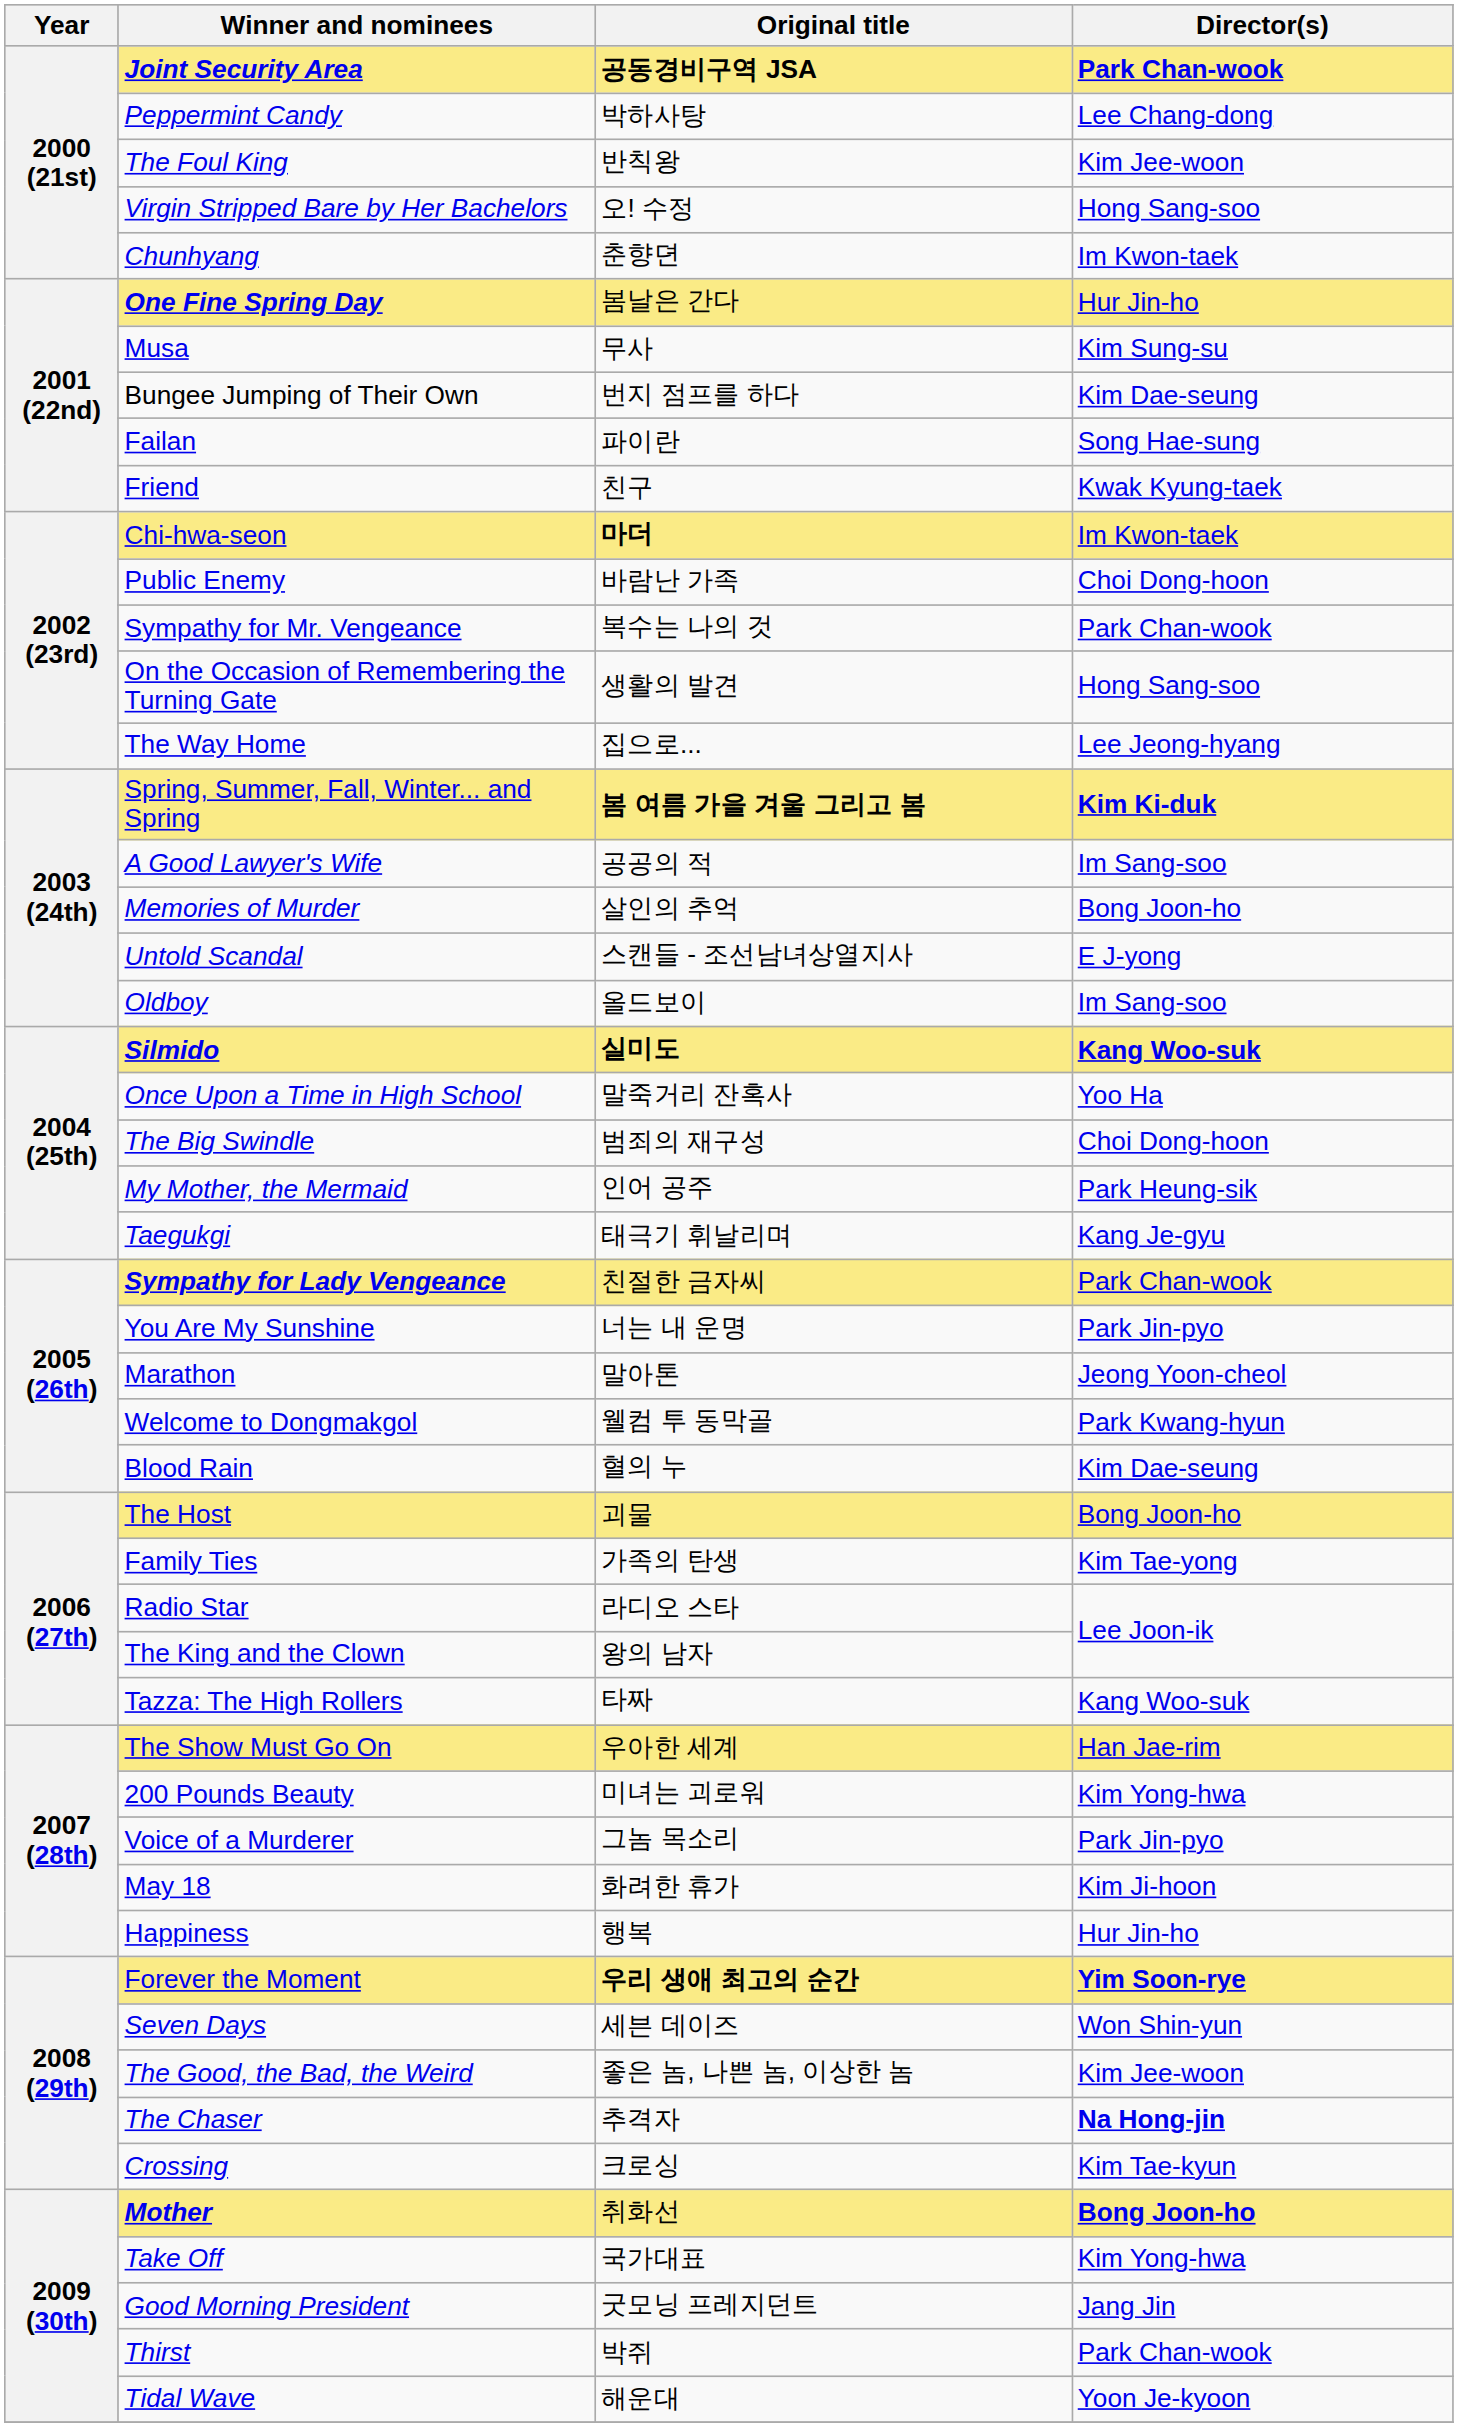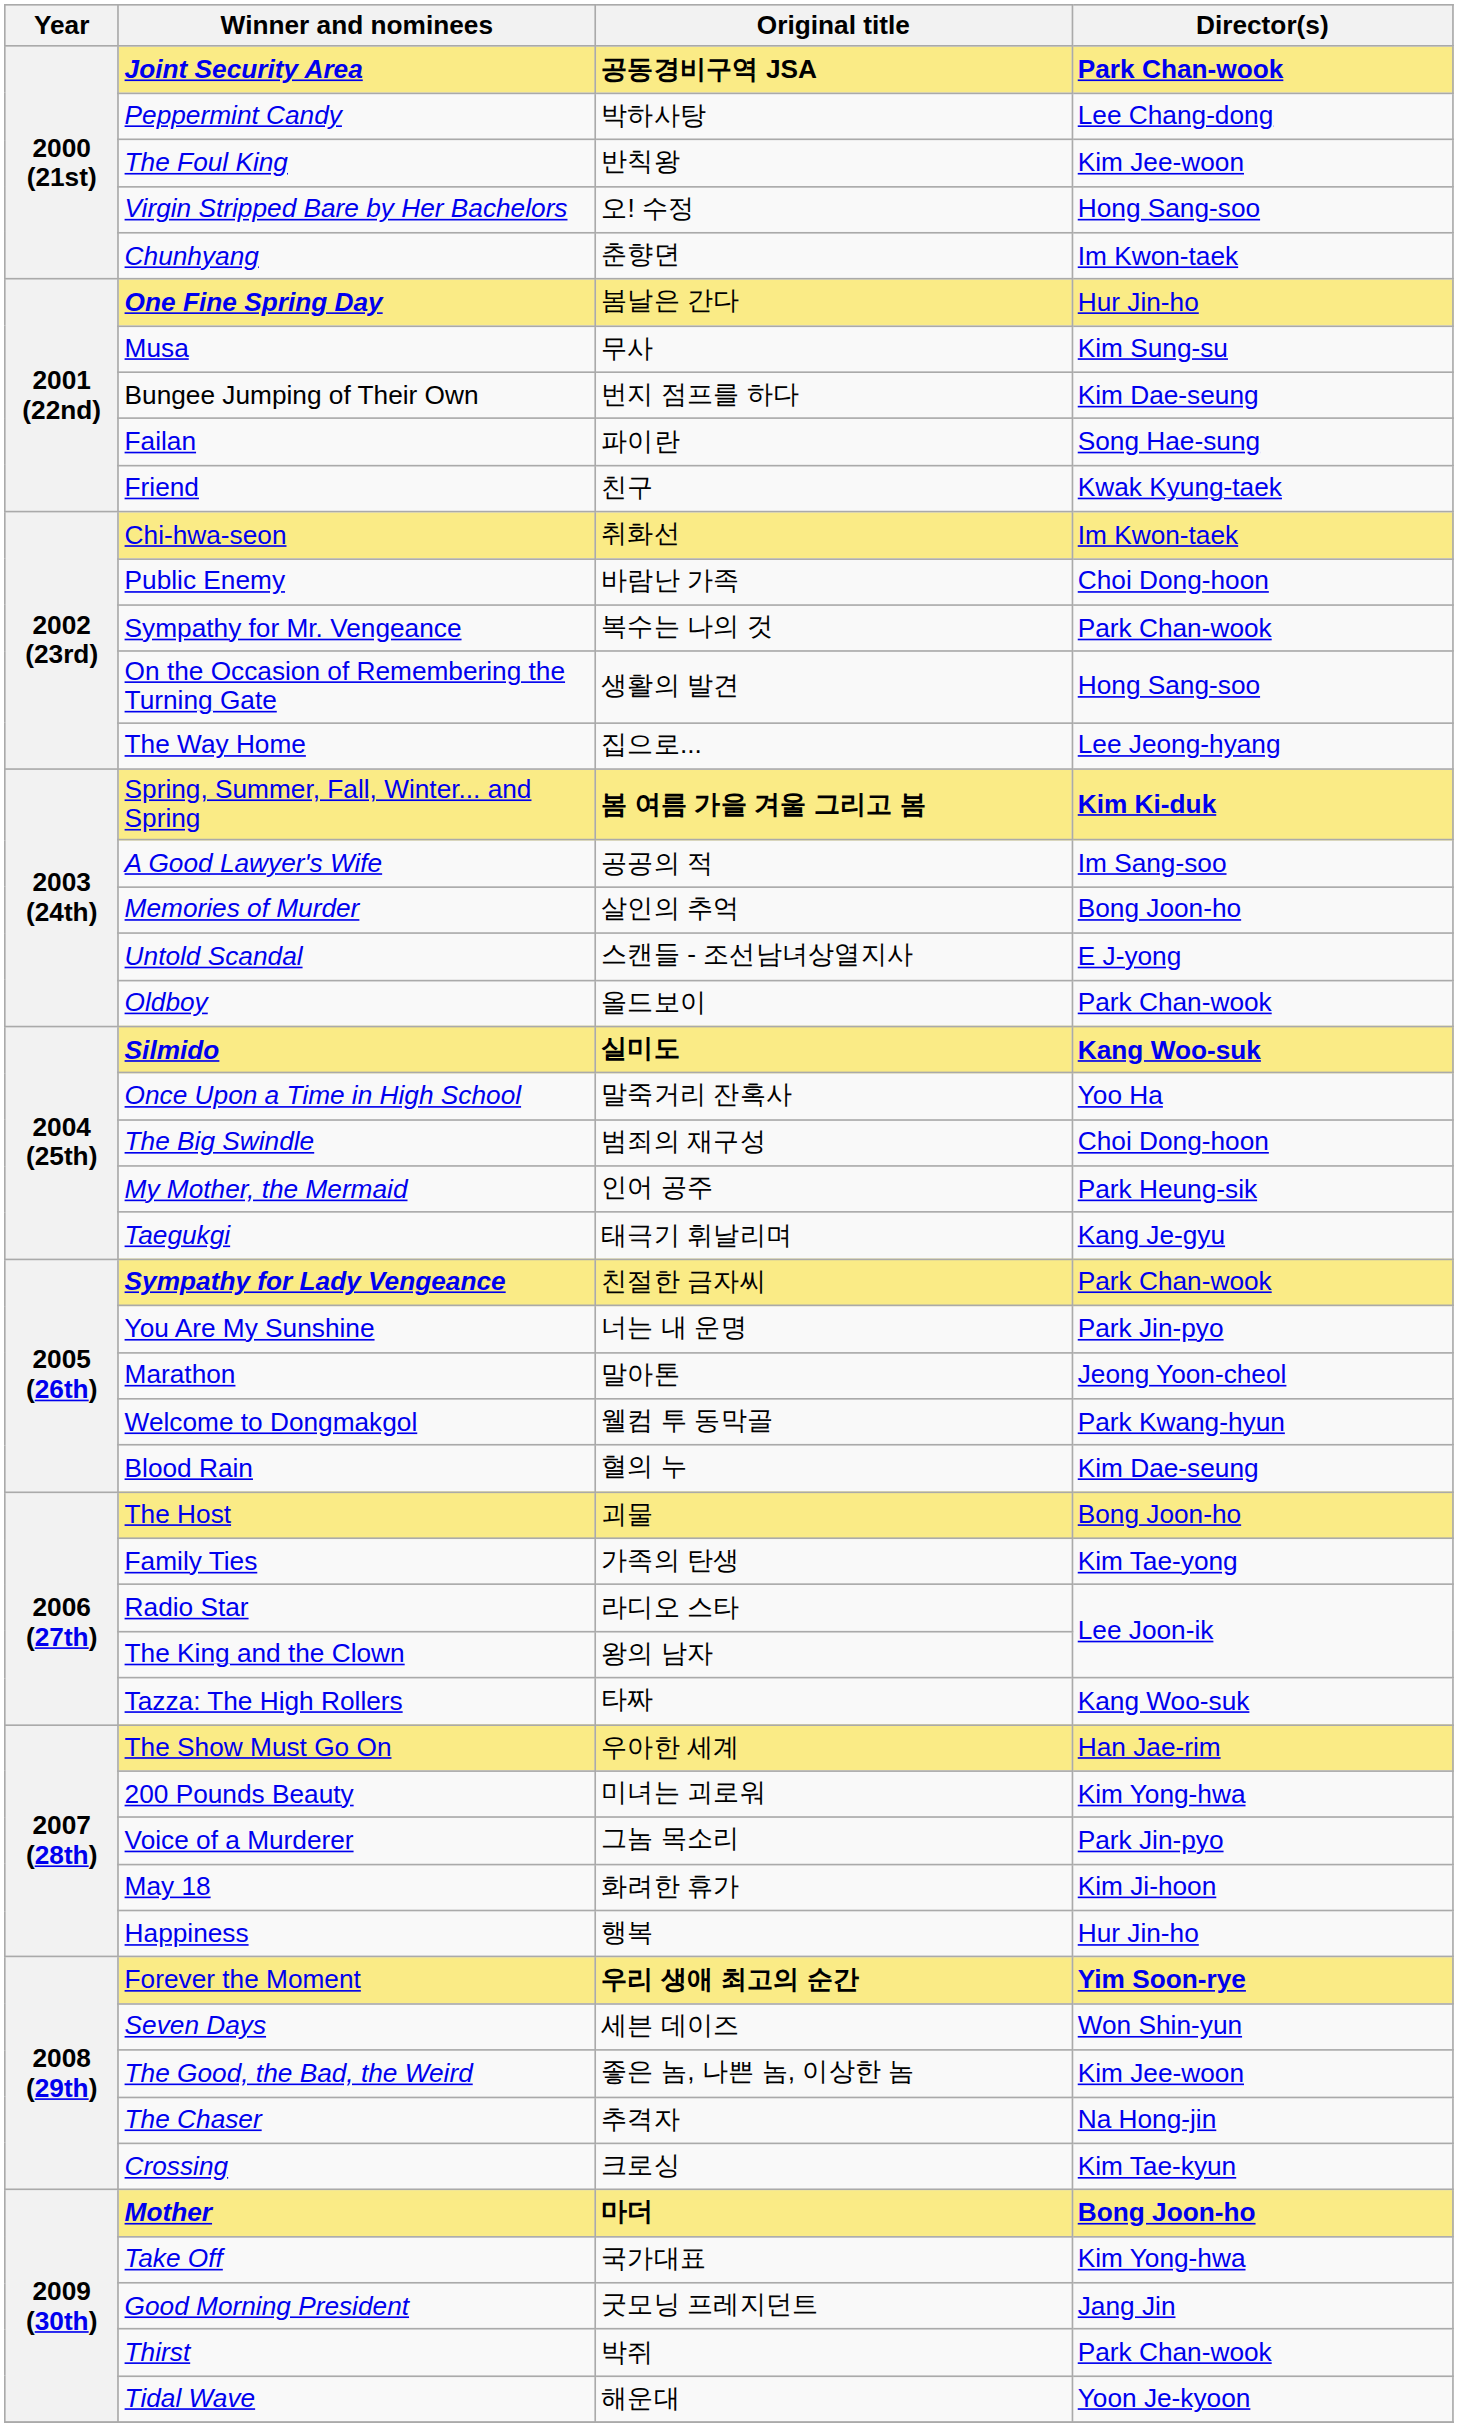 <table class="wikitable" style="width:100%;" cellpadding="6">
 <tr>
 <th style="width:5%;">Year</th>
 <th style="width:25%;">Winner and nominees</th>
 <th style="width:25%;">Original title</th>
 <th style="width:20%;">Director(s)</th>
 </tr>
 <tr>
 <th rowspan="5"><div>2000<br>(21st) </div></th>
 <td style="background:#FAEB86;"><em><a href='#'><strong>Joint Security Area</strong></a> </em></td>
 <td style="background:#FAEB86;"><strong>공동경비구역 JSA</strong></td>
 <td style="background:#FAEB86;"><strong><a href='#'>Park Chan-wook</a></strong></td>
 </tr>
 <tr>
 <td><em><a href='#'>Peppermint Candy</a></em></td>
 <td>박하사탕</td>
 <td><a href='#'>Lee Chang-dong</a></td>
 </tr>
 <tr>
 <td><em><a href='#'>The Foul King</a></em></td>
 <td>반칙왕</td>
 <td><a href='#'>Kim Jee-woon</a></td>
 </tr>
 <tr>
 <td><em><a href='#'>Virgin Stripped Bare by Her Bachelors</a></em></td>
 <td>오! 수정</td>
 <td><a href='#'>Hong Sang-soo</a></td>
 </tr>
 <tr>
 <td><a href='#'><em>Chunhyang</em></a></td>
 <td>춘향뎐</td>
 <td><a href='#'>Im Kwon-taek</a></td>
 </tr>
 <tr>
 <th rowspan="5"><div>2001<br>(22nd) </div></th>
 <td style="background:#FAEB86;"><strong><em><a href='#'>One Fine Spring Day</a><strong> <em></td>
 <td style="background:#FAEB86;"></strong>봄날은 간다<strong></td>
 <td style="background:#FAEB86;"></strong><a href='#'>Hur Jin-ho</a><strong></td>
 </tr>
 <tr>
 <td><a href='#'></em>Musa<em></a></td>
 <td>무사</td>
 <td><a href='#'>Kim Sung-su</a></td>
 </tr>
 <tr>
 <td></em>Bungee Jumping of Their Own<em></td>
 <td>번지 점프를 하다</td>
 <td><a href='#'>Kim Dae-seung</a></td>
 </tr>
 <tr>
 <td></em><a href='#'>Failan</a><em></td>
 <td>파이란</td>
 <td><a href='#'>Song Hae-sung</a></td>
 </tr>
 <tr>
 <td><a href='#'></em>Friend<em></a></td>
 <td>친구</td>
 <td><a href='#'>Kwak Kyung-taek</a></td>
 </tr>
 <tr>
 <th rowspan="5"><div>2002<br>(23rd) </div></th>
 <td style="background:#FAEB86;"></em></strong><a href='#'>Chi-hwa-seon</a> <strong><em></td>
-<td style="background:#FAEB86;"><strong>마더</strong></td>
+<td style="background:#FAEB86;"></strong>취화선<strong></td>
 <td style="background:#FAEB86;"></strong><a href='#'>Im Kwon-taek</a><strong></td>
 </tr>
 <tr>
 <td><a href='#'></em>Public Enemy<em></a></td>
 <td>바람난 가족</td>
 <td><a href='#'>Choi Dong-hoon</a></td>
 </tr>
 <tr>
 <td></em><a href='#'>Sympathy for Mr. Vengeance</a><em></td>
 <td>복수는 나의 것</td>
 <td><a href='#'>Park Chan-wook</a></td>
 </tr>
 <tr>
 <td></em><a href='#'>On the Occasion of Remembering the Turning Gate</a><em></td>
 <td>생활의 발견</td>
 <td><a href='#'>Hong Sang-soo</a></td>
 </tr>
 <tr>
 <td><a href='#'></em>The Way Home<em></a></td>
 <td>집으로...</td>
 <td><a href='#'>Lee Jeong-hyang</a></td>
 </tr>
 <tr>
 <th rowspan="5"><div>2003<br>(24th) </div></th>
 <td style="background:#FAEB86;"></em></strong><a href='#'>Spring, Summer, Fall, Winter... and Spring</a></strong> </em></td>
 <td style="background:#FAEB86;"><strong>봄 여름 가을 겨울 그리고 봄</strong></td>
 <td style="background:#FAEB86;"><strong><a href='#'>Kim Ki-duk</a></strong></td>
 </tr>
 <tr>
 <td><em><a href='#'>A Good Lawyer's Wife</a></em></td>
 <td>공공의 적</td>
 <td><a href='#'>Im Sang-soo</a></td>
 </tr>
 <tr>
 <td><em><a href='#'>Memories of Murder</a></em></td>
 <td>살인의 추억</td>
 <td><a href='#'>Bong Joon-ho</a></td>
 </tr>
 <tr>
 <td><em><a href='#'>Untold Scandal</a></em></td>
 <td>스캔들 - 조선남녀상열지사</td>
 <td><a href='#'>E J-yong</a></td>
 </tr>
 <tr>
 <td><a href='#'><em>Oldboy</em></a></td>
 <td>올드보이</td>
-<td><a href='#'>Im Sang-soo</a></td>
+<td><a href='#'>Park Chan-wook</a></td>
 </tr>
 <tr>
 <th rowspan="5"><div>2004<br>(25th) </div></th>
 <td style="background:#FAEB86;"><strong><em><a href='#'>Silmido</a> </em></strong></td>
 <td style="background:#FAEB86;"><strong>실미도</strong></td>
 <td style="background:#FAEB86;"><strong><a href='#'>Kang Woo-suk</a></strong></td>
 </tr>
 <tr>
 <td><em><a href='#'>Once Upon a Time in High School</a></em></td>
 <td>말죽거리 잔혹사</td>
 <td><a href='#'>Yoo Ha</a></td>
 </tr>
 <tr>
 <td><em><a href='#'>The Big Swindle</a></em></td>
 <td>범죄의 재구성</td>
 <td><a href='#'>Choi Dong-hoon</a></td>
 </tr>
 <tr>
 <td><em><a href='#'>My Mother, the Mermaid</a></em></td>
 <td>인어 공주</td>
 <td><a href='#'>Park Heung-sik</a></td>
 </tr>
 <tr>
 <td><a href='#'><em>Taegukgi</em></a></td>
 <td>태극기 휘날리며</td>
 <td><a href='#'>Kang Je-gyu</a></td>
 </tr>
 <tr>
 <th rowspan="5">2005<br>(<a href='#'>26th</a>)</th>
 <td style="background:#FAEB86;"><strong><em><a href='#'>Sympathy for Lady Vengeance</a><strong> <em></td>
 <td style="background:#FAEB86;"></strong>친절한 금자씨<strong></td>
 <td style="background:#FAEB86;"></strong><a href='#'>Park Chan-wook</a><strong></td>
 </tr>
 <tr>
 <td><a href='#'></em>You Are My Sunshine<em></a></td>
 <td>너는 내 운명</td>
 <td><a href='#'>Park Jin-pyo</a></td>
 </tr>
 <tr>
 <td><a href='#'></em>Marathon<em></a></td>
 <td>말아톤</td>
 <td><a href='#'>Jeong Yoon-cheol</a></td>
 </tr>
 <tr>
 <td></em><a href='#'>Welcome to Dongmakgol</a><em></td>
 <td>웰컴 투 동막골</td>
 <td><a href='#'>Park Kwang-hyun</a></td>
 </tr>
 <tr>
 <td><a href='#'></em>Blood Rain<em></a></td>
 <td>혈의 누</td>
 <td><a href='#'>Kim Dae-seung</a></td>
 </tr>
 <tr>
 <th rowspan="5"><div><br>2006<br>(<a href='#'>27th</a>)<br></div></th>
 <td style="background:#FAEB86;"></em><a href='#'></strong>The Host<strong></a> <em></td>
 <td style="background:#FAEB86;"></strong>괴물<strong></td>
 <td style="background:#FAEB86;"></strong><a href='#'>Bong Joon-ho</a><strong></td>
 </tr>
 <tr>
 <td><a href='#'></em>Family Ties<em></a></td>
 <td>가족의 탄생</td>
 <td><a href='#'>Kim Tae-yong</a></td>
 </tr>
 <tr>
 <td><a href='#'></em>Radio Star<em></a></td>
 <td>라디오 스타</td>
 <td rowspan="2"><a href='#'>Lee Joon-ik</a></td>
 </tr>
 <tr>
 <td></em><a href='#'>The King and the Clown</a><em></td>
 <td>왕의 남자</td>
 </tr>
 <tr>
 <td></em><a href='#'>Tazza: The High Rollers</a><em></td>
 <td>타짜</td>
 <td><a href='#'>Kang Woo-suk</a></td>
 </tr>
 <tr>
 <th rowspan="5">2007<br>(<a href='#'>28th</a>)</th>
 <td style="background:#FAEB86;"></em><a href='#'></strong>The Show Must Go On<strong></a> <em></td>
 <td style="background:#FAEB86;"></strong>우아한 세계<strong></td>
 <td style="background:#FAEB86;"></strong><a href='#'>Han Jae-rim</a><strong></td>
 </tr>
 <tr>
 <td></em><a href='#'>200 Pounds Beauty</a><em></td>
 <td>미녀는 괴로워</td>
 <td><a href='#'>Kim Yong-hwa</a></td>
 </tr>
 <tr>
 <td></em><a href='#'>Voice of a Murderer</a><em></td>
 <td>그놈 목소리</td>
 <td><a href='#'>Park Jin-pyo</a></td>
 </tr>
 <tr>
 <td><a href='#'></em>May 18<em></a></td>
 <td>화려한 휴가</td>
 <td><a href='#'>Kim Ji-hoon</a></td>
 </tr>
 <tr>
 <td><a href='#'></em>Happiness<em></a></td>
 <td>행복</td>
 <td><a href='#'>Hur Jin-ho</a></td>
 </tr>
 <tr>
 <th rowspan="5">2008<br>(<a href='#'>29th</a>)</th>
 <td style="background:#FAEB86;"></em></strong><a href='#'>Forever the Moment</a></strong> </em></td>
 <td style="background:#FAEB86;"><strong>우리 생애 최고의 순간</strong></td>
 <td style="background:#FAEB86;"><strong><a href='#'>Yim Soon-rye</a></strong></td>
 </tr>
 <tr>
 <td><em><a href='#'>Seven Days</a></em></td>
 <td>세븐 데이즈</td>
 <td><a href='#'>Won Shin-yun</a></td>
 </tr>
 <tr>
 <td><em><a href='#'>The Good, the Bad, the Weird</a></em></td>
 <td>좋은 놈, 나쁜 놈, 이상한 놈</td>
 <td><a href='#'>Kim Jee-woon</a></td>
 </tr>
 <tr>
 <td><a href='#'><em>The Chaser</em></a></td>
 <td>추격자</td>
-<td><strong><a href='#'>Na Hong-jin</a></strong></td>
+<td><a href='#'>Na Hong-jin</a></td>
 </tr>
 <tr>
 <td><a href='#'><em>Crossing</em></a></td>
 <td>크로싱</td>
 <td><a href='#'>Kim Tae-kyun</a></td>
 </tr>
 <tr>
 <th rowspan="5">2009<br>(<a href='#'>30th</a>)</th>
 <td style="background:#FAEB86;"><em><a href='#'><strong>Mother</strong></a> </em></td>
-<td style="background:#FAEB86;"></strong>취화선<strong></td>
+<td style="background:#FAEB86;"><strong>마더</strong></td>
 <td style="background:#FAEB86;"><strong><a href='#'>Bong Joon-ho</a></strong></td>
 </tr>
 <tr>
 <td><a href='#'><em>Take Off</em></a></td>
 <td>국가대표</td>
 <td><a href='#'>Kim Yong-hwa</a></td>
 </tr>
 <tr>
 <td><em><a href='#'>Good Morning President</a></em></td>
 <td>굿모닝 프레지던트</td>
 <td><a href='#'>Jang Jin</a></td>
 </tr>
 <tr>
 <td><a href='#'><em>Thirst</em></a></td>
 <td>박쥐</td>
 <td><a href='#'>Park Chan-wook</a></td>
 </tr>
 <tr>
 <td><a href='#'><em>Tidal Wave</em></a></td>
 <td>해운대</td>
 <td><a href='#'>Yoon Je-kyoon</a></td>
 </tr>
 <tr>
 </tr>
 </table>
